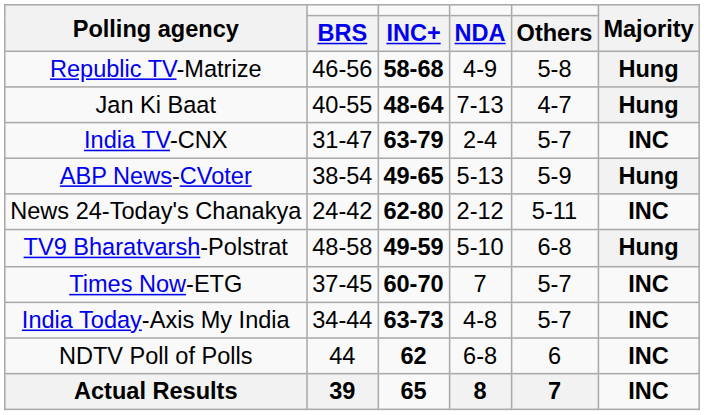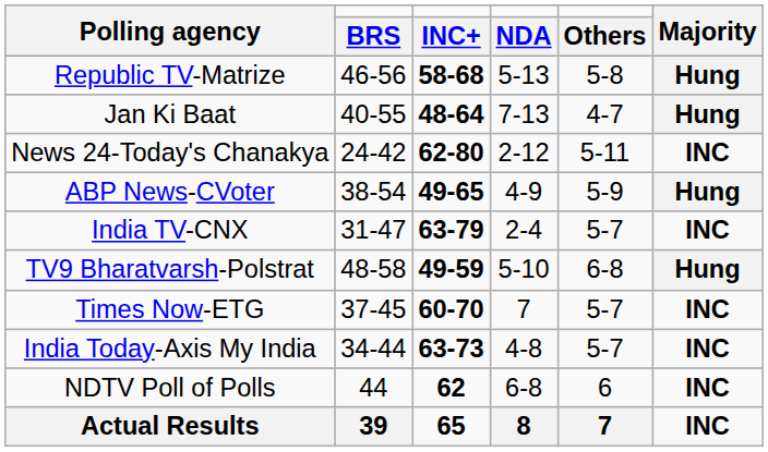 <table class="wikitable" style="text-align:center;font-size:95%;line-height:16px;">
 <tr>
 <th rowspan="2">Polling agency</th>
 <td></td>
 <td></td>
 <td></td>
 <td></td>
 <th rowspan="2">Majority</th>
 </tr>
 <tr>
 <th><a href='#'>BRS</a></th>
 <th><a href='#'>INC+</a></th>
 <th><a href='#'>NDA</a></th>
 <th>Others</th>
 </tr>
 <tr>
 <td><a href='#'>Republic TV</a>-Matrize</td>
 <td>46-56</td>
 <td><strong>58-68</strong></td>
-<td>4-9</td>
+<td>5-13</td>
 <td>5-8</td>
 <th>Hung</th>
 </tr>
 <tr>
 <td>Jan Ki Baat</td>
 <td>40-55</td>
 <td><strong>48-64</strong></td>
 <td>7-13</td>
 <td>4-7</td>
 <th>Hung</th>
 </tr>
 <tr>
-<td><a href='#'>India TV</a>-CNX</td>
-<td>31-47</td>
-<td><strong>63-79</strong></td>
-<td>2-4</td>
-<td>5-7</td>
+<td>News 24-Today's Chanakya</td>
+<td>24-42</td>
+<td><strong>62-80</strong></td>
+<td>2-12</td>
+<td>5-11</td>
 <td><strong>INC</strong></td>
 </tr>
 <tr>
 <td><a href='#'>ABP News</a>-<a href='#'>CVoter</a></td>
 <td>38-54</td>
 <td><strong>49-65</strong></td>
-<td>5-13</td>
+<td>4-9</td>
 <td>5-9</td>
 <th>Hung</th>
 </tr>
 <tr>
-<td>News 24-Today's Chanakya</td>
-<td>24-42</td>
-<td><strong>62-80</strong></td>
-<td>2-12</td>
-<td>5-11</td>
+<td><a href='#'>India TV</a>-CNX</td>
+<td>31-47</td>
+<td><strong>63-79</strong></td>
+<td>2-4</td>
+<td>5-7</td>
 <td><strong>INC</strong></td>
 </tr>
 <tr>
 <td><a href='#'>TV9 Bharatvarsh</a>-Polstrat</td>
 <td>48-58</td>
 <td><strong>49-59</strong></td>
 <td>5-10</td>
 <td>6-8</td>
 <th>Hung</th>
 </tr>
 <tr>
 <td><a href='#'>Times Now</a>-ETG</td>
 <td>37-45</td>
 <td><strong>60-70</strong></td>
 <td>7</td>
 <td>5-7</td>
 <td><strong>INC</strong></td>
 </tr>
 <tr>
 <td><a href='#'>India Today</a>-Axis My India</td>
 <td>34-44</td>
 <td><strong>63-73</strong></td>
 <td>4-8</td>
 <td>5-7</td>
 <td><strong>INC</strong></td>
 </tr>
 <tr>
 <td>NDTV Poll of Polls</td>
 <td>44</td>
 <td><strong>62</strong></td>
 <td>6-8</td>
 <td>6</td>
 <td><strong>INC</strong></td>
 </tr>
 <tr>
 <th>Actual Results</th>
 <th>39</th>
 <td><strong>65</strong></td>
 <th>8</th>
 <th>7</th>
 <td><strong>INC</strong></td>
 </tr>
 </table>
